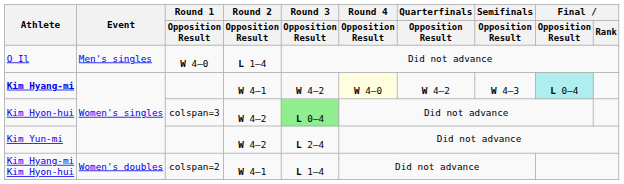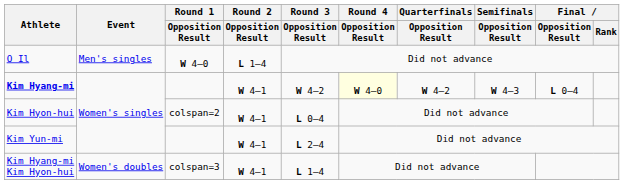 <table class="wikitable" style="font-size:90%">
 <tr>
 <th rowspan="2">Athlete</th>
 <th rowspan="2">Event</th>
 <th>Round 1</th>
 <th>Round 2</th>
 <th>Round 3</th>
 <th>Round 4</th>
 <th>Quarterfinals</th>
 <th>Semifinals</th>
 <th colspan=2>Final / </th>
 </tr>
 <tr style="font-size:95%">
 <th>Opposition<br>Result</th>
 <th>Opposition<br>Result</th>
 <th>Opposition<br>Result</th>
 <th>Opposition<br>Result</th>
 <th>Opposition<br>Result</th>
 <th>Opposition<br>Result</th>
 <th>Opposition<br>Result</th>
 <th>Rank</th>
 </tr>
 <tr align=center>
 <td align=left><a href='#'>O Il</a></td>
 <td align=left><a href='#'>Men's singles</a></td>
 <td><br><strong>W</strong> 4–0</td>
 <td><br><strong>L</strong> 1–4</td>
 <td colspan=6>Did not advance</td>
 </tr>
 <tr align=center>
 <td align=left><strong><a href='#'>Kim Hyang-mi</a></strong></td>
 <td align=left rowspan=3><a href='#'>Women's singles</a></td>
 <td></td>
 <td><br><strong>W</strong> 4–1</td>
 <td><br><strong>W</strong> 4–2</td>
 <td style="background: lightyellow;"><br><strong>W</strong> 4–0</td>
 <td><br><strong>W</strong> 4–2</td>
 <td><br><strong>W</strong> 4–3</td>
-<td style="background: paleturquoise;"><br><strong>L</strong> 0–4</td>
+<td><br><strong>L</strong> 0–4</td>
 <td></td>
 </tr>
 <tr align=center>
 <td align=left><a href='#'>Kim Hyon-hui</a></td>
-<td>colspan=3 </td>
-<td><br><strong>W</strong> 4–2</td>
-<td style="background: lightgreen;"><br><strong>L</strong> 0–4</td>
+<td>colspan=2 </td>
+<td><br><strong>W</strong> 4–1</td>
+<td><br><strong>L</strong> 0–4</td>
 <td colspan=4>Did not advance</td>
 </tr>
 <tr align=center>
 <td align=left><a href='#'>Kim Yun-mi</a></td>
 <td></td>
-<td><br><strong>W</strong> 4–2</td>
+<td><br><strong>W</strong> 4–1</td>
 <td><br><strong>L</strong> 2–4</td>
 <td colspan=5>Did not advance</td>
 </tr>
 <tr align=center>
 <td align=left><a href='#'>Kim Hyang-mi</a><br><a href='#'>Kim Hyon-hui</a></td>
 <td align=left rowspan=2><a href='#'>Women's doubles</a></td>
-<td>colspan=2 </td>
+<td>colspan=3 </td>
 <td><br><strong>W</strong> 4–1</td>
 <td><br><strong>L</strong> 1–4</td>
 <td colspan=3>Did not advance</td>
 </tr>
 </table>
